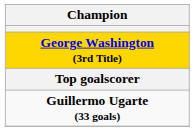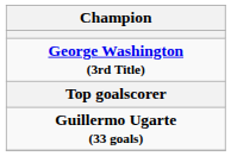 <table class="wikitable" style="margin: 0 auto; width: 220px;">
 <tr>
 <th>Champion</th>
 </tr>
 <tr>
 <th></th>
 </tr>
 <tr>
-<td align="center" style="background: gold;"><strong><a href='#'>George Washington</a></strong><br><small><strong>(3rd Title)</strong></small></td>
+<td align="center"><strong><a href='#'>George Washington</a></strong><br><small><strong>(3rd Title)</strong></small></td>
 </tr>
 <tr>
 <th>Top goalscorer</th>
 </tr>
 <tr>
 <td align="center"><strong>Guillermo Ugarte</strong><br><small><strong>(33 goals)</strong></small></td>
 </tr>
 <tr>
 </tr>
 </table>
